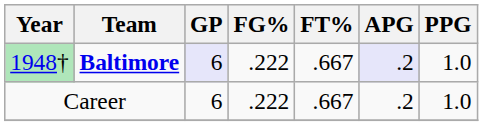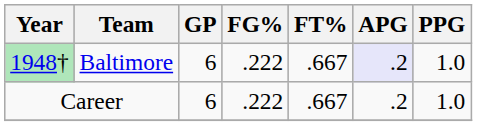 <table class="wikitable sortable" style="font-size:95%; text-align:right;">
 <tr>
 <th>Year</th>
 <th>Team</th>
 <th>GP</th>
 <th>FG%</th>
 <th>FT%</th>
 <th>APG</th>
 <th>PPG</th>
 </tr>
 <tr>
 <td style="text-align:left; background:#afe6ba;"><a href='#'>1948</a>†</td>
-<td style="text-align:left;"><strong><a href='#'>Baltimore</a></strong></td>
-<td style="background: lavender;">6</td>
+<td style="text-align:left;"><a href='#'>Baltimore</a></td>
+<td>6</td>
 <td>.222</td>
 <td>.667</td>
 <td style="background: lavender;">.2</td>
 <td>1.0</td>
 </tr>
 <tr>
 <td style="text-align:center;" colspan="2">Career</td>
 <td>6</td>
 <td>.222</td>
 <td>.667</td>
 <td>.2</td>
 <td>1.0</td>
 </tr>
 <tr>
 </tr>
 </table>
